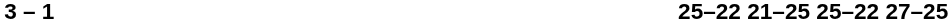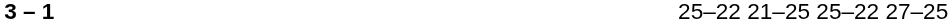 <table width=100% cellspacing=1>
 <tr>
 <th width=20%></th>
 <th width=12%></th>
 <th width=20%></th>
 <th width=33%></th>
 <td></td>
 </tr>
 <tr style=font-size:90%>
 <td align=right><strong></strong></td>
 <td align=center><strong>3 – 1</strong></td>
 <td></td>
-<td><strong>25–22 21–25 25–22 27–25</strong></td>
+<td>25–22 21–25 25–22 27–25</td>
 </tr>
 </table>
